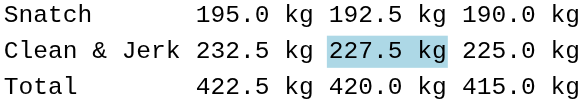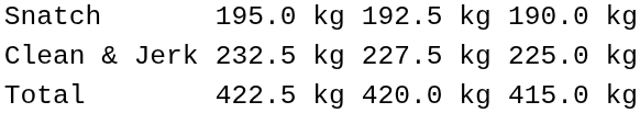 <table>
 <tr>
 <td>Snatch</td>
 <td></td>
 <td>195.0 kg</td>
 <td></td>
 <td>192.5 kg</td>
 <td></td>
 <td>190.0 kg</td>
 </tr>
 <tr>
 <td>Clean & Jerk</td>
 <td></td>
 <td>232.5 kg</td>
 <td></td>
-<td style="background: lightblue;">227.5 kg</td>
+<td>227.5 kg</td>
 <td></td>
 <td>225.0 kg</td>
 </tr>
 <tr>
 <td>Total</td>
 <td></td>
 <td>422.5 kg</td>
 <td></td>
 <td>420.0 kg</td>
 <td></td>
 <td>415.0 kg</td>
 </tr>
 </table>
